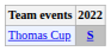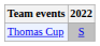 <table style='font-size: 90%; text-align:center;' class='wikitable'>
 <tr>
 <th>Team events</th>
 <th>2022</th>
 </tr>
 <tr>
 <td bgcolor="#ECF2FF"; align="left"><a href='#'>Thomas Cup</a></td>
-<td bgcolor=silver><strong><a href='#'>S</a></strong></td>
+<td bgcolor=silver><a href='#'>S</a></td>
 </tr>
 </table>
